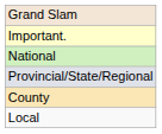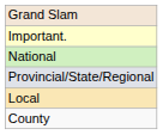 <table class="wikitable">
 <tr style="background:#F3E6D7">
 <td>Grand Slam</td>
 </tr>
 <tr style="background:#ffc;">
 <td>Important.</td>
 </tr>
 <tr style="background:#d0f0c0">
 <td>National</td>
 </tr>
 <tr style="background:#dfe2e9">
 <td>Provincial/State/Regional</td>
 </tr>
 <tr style="background:#fae7b5">
+<td>Local</td>
+</tr>
+<tr>
 <td>County</td>
 </tr>
-<tr>
-<td>Local</td>
-</tr>
 </table>
